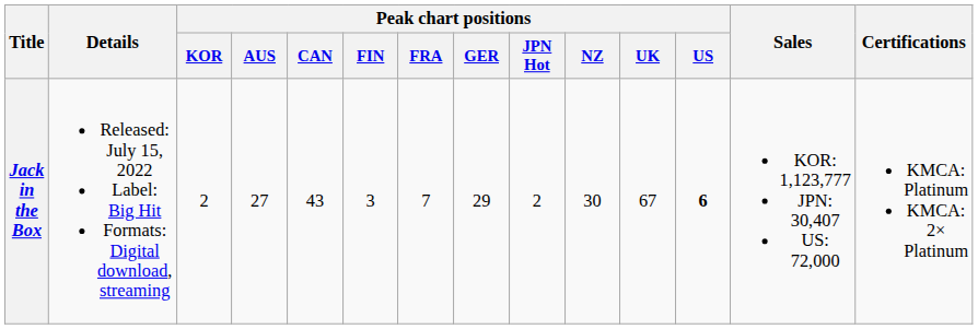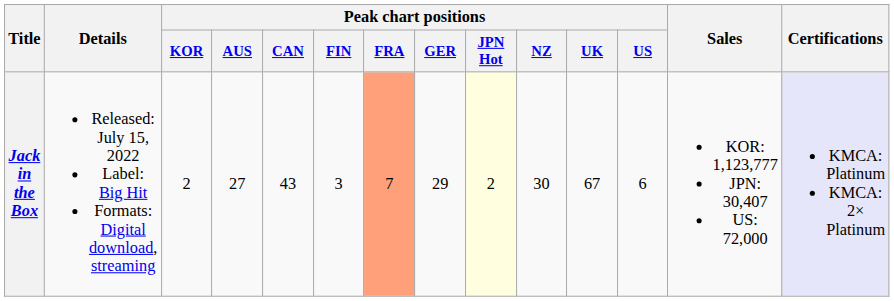 <table class="wikitable plainrowheaders" style="text-align:center;">
 <tr>
 <th scope="col" rowspan="2">Title</th>
 <th scope="col" rowspan="2">Details</th>
 <th scope="col" colspan="10">Peak chart positions</th>
 <th scope="col" rowspan="2">Sales</th>
 <th scope="col" rowspan="2">Certifications</th>
 </tr>
 <tr>
 <th scope="col" style="width:3em;font-size:90%;"><a href='#'>KOR</a><br></th>
 <th scope="col" style="width:3em;font-size:90%;"><a href='#'>AUS</a><br></th>
 <th scope="col" style="width:3em;font-size:90%;"><a href='#'>CAN</a><br></th>
 <th scope="col" style="width:3em;font-size:90%;"><a href='#'>FIN</a><br></th>
 <th scope="col" style="width:3em;font-size:90%;"><a href='#'>FRA</a><br></th>
 <th scope="col" style="width:3em;font-size:90%;"><a href='#'>GER</a><br></th>
 <th scope="col" style="width:3em;font-size:90%;"><a href='#'>JPN<br>Hot</a><br></th>
 <th scope="col" style="width:3em;font-size:90%;"><a href='#'>NZ</a><br></th>
 <th scope="col" style="width:3em;font-size:90%;"><a href='#'>UK</a><br></th>
 <th scope="col" style="width:3em;font-size:90%;"><a href='#'>US</a><br></th>
 </tr>
 <tr>
 <th scope="row"><em><a href='#'>Jack in the Box</a></em></th>
 <td><br><ul><li>Released: July 15, 2022</li><li>Label: <a href='#'>Big Hit</a></li><li>Formats: <a href='#'>Digital download</a>, <a href='#'>streaming</a></li></ul></td>
 <td>2</td>
 <td>27</td>
 <td>43</td>
 <td>3</td>
-<td>7</td>
+<td style="background: lightsalmon;">7</td>
 <td>29</td>
-<td>2</td>
+<td style="background: lightyellow;">2</td>
 <td>30</td>
 <td>67</td>
-<td><strong>6</strong></td>
+<td>6</td>
 <td><br><ul><li>KOR: 1,123,777</li><li>JPN: 30,407</li><li>US: 72,000</li></ul></td>
-<td><br><ul><li>KMCA: Platinum</li><li>KMCA: 2× Platinum</li></ul></td>
+<td style="background: lavender;"><br><ul><li>KMCA: Platinum</li><li>KMCA: 2× Platinum</li></ul></td>
 </tr>
 </table>
